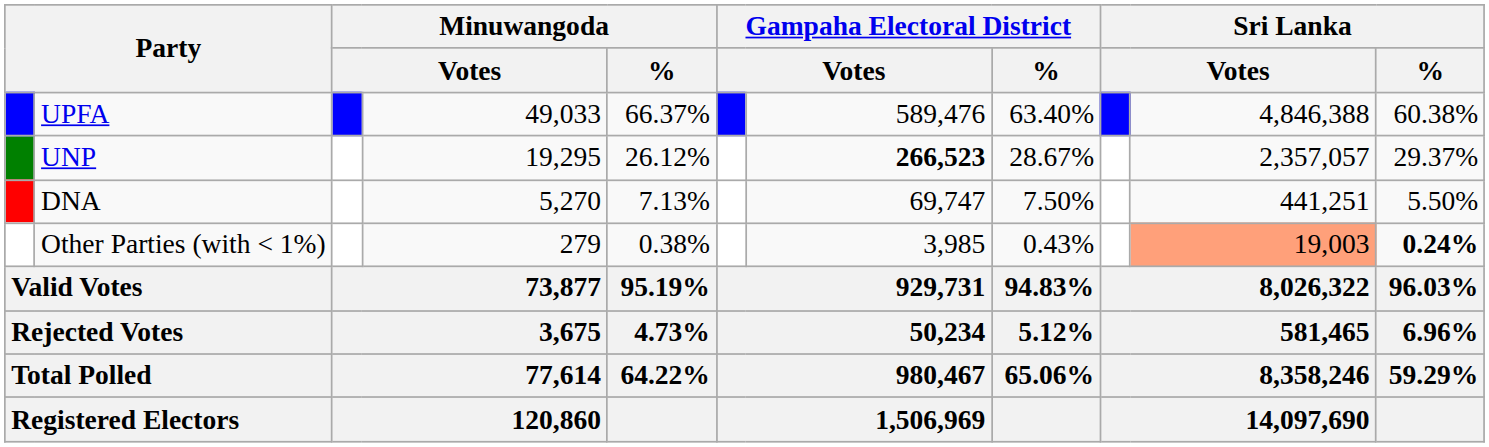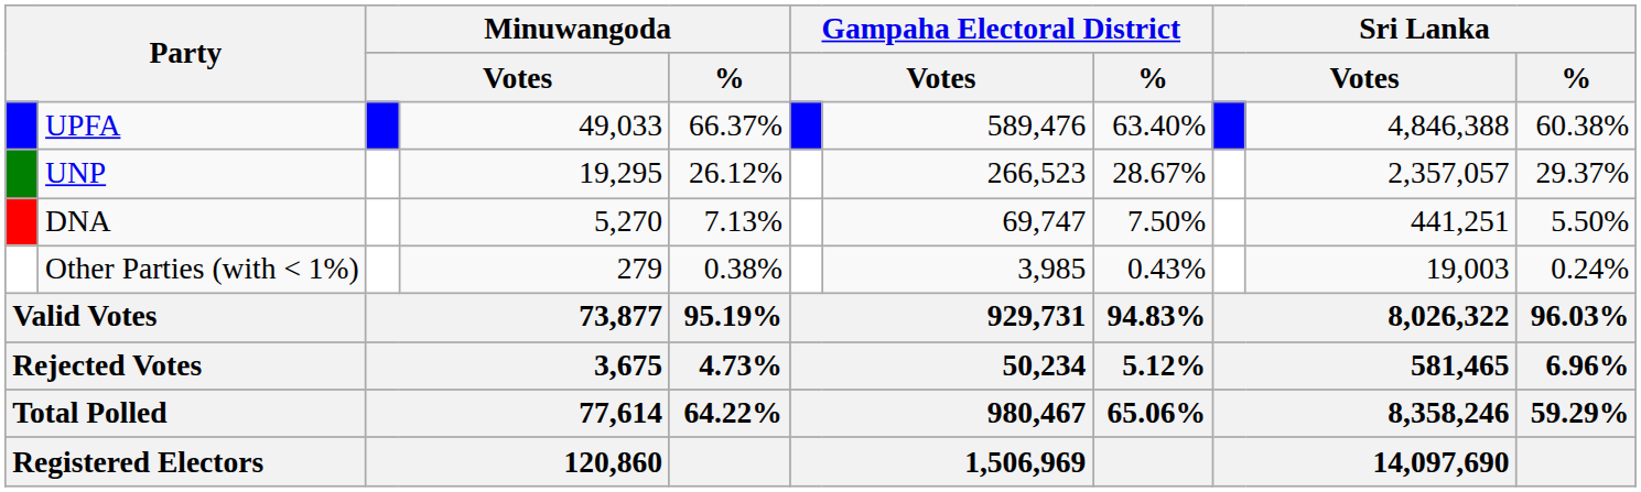 <table class="wikitable">
 <tr>
 <th colspan="2" width="144px"rowspan="2">Party</th>
 <th colspan="3" width="216px">Minuwangoda</th>
 <th colspan="3" width="216px"><a href='#'>Gampaha Electoral District</a></th>
 <th colspan="3" width="216px">Sri Lanka</th>
 </tr>
 <tr>
 <th colspan="2" width="144px">Votes</th>
 <th>%</th>
 <th colspan="2" width="144px">Votes</th>
 <th>%</th>
 <th colspan="2" width="144px">Votes</th>
 <th>%</th>
 </tr>
 <tr>
 <td style="background-color:blue;" width="10px"></td>
 <td style="text-align:left;"><a href='#'>UPFA</a></td>
 <td style="background-color:blue;" width="10px"></td>
 <td style="text-align:right;">49,033</td>
 <td style="text-align:right;">66.37%</td>
 <td style="background-color:blue;" width="10px"></td>
 <td style="text-align:right;">589,476</td>
 <td style="text-align:right;">63.40%</td>
 <td style="background-color:blue;" width="10px"></td>
 <td style="text-align:right;">4,846,388</td>
 <td style="text-align:right;">60.38%</td>
 </tr>
 <tr>
 <td style="background-color:green;" width="10px"></td>
 <td style="text-align:left;"><a href='#'>UNP</a></td>
 <td style="background-color:white;" width="10px"></td>
 <td style="text-align:right;">19,295</td>
 <td style="text-align:right;">26.12%</td>
 <td style="background-color:white;" width="10px"></td>
-<td style="text-align:right;"><strong>266,523</strong></td>
+<td style="text-align:right;">266,523</td>
 <td style="text-align:right;">28.67%</td>
 <td style="background-color:white;" width="10px"></td>
 <td style="text-align:right;">2,357,057</td>
 <td style="text-align:right;">29.37%</td>
 </tr>
 <tr>
 <td style="background-color:red;" width="10px"></td>
 <td style="text-align:left;">DNA</td>
 <td style="background-color:white;" width="10px"></td>
 <td style="text-align:right;">5,270</td>
 <td style="text-align:right;">7.13%</td>
 <td style="background-color:white;" width="10px"></td>
 <td style="text-align:right;">69,747</td>
 <td style="text-align:right;">7.50%</td>
 <td style="background-color:white;" width="10px"></td>
 <td style="text-align:right;">441,251</td>
 <td style="text-align:right;">5.50%</td>
 </tr>
 <tr>
 <td style="background-color:white;" width="10px"></td>
 <td style="text-align:left;">Other Parties (with < 1%)</td>
 <td style="background-color:white;" width="10px"></td>
 <td style="text-align:right;">279</td>
 <td style="text-align:right;">0.38%</td>
 <td style="background-color:white;" width="10px"></td>
 <td style="text-align:right;">3,985</td>
 <td style="text-align:right;">0.43%</td>
 <td style="background-color:white;" width="10px"></td>
-<td style="background: lightsalmon; text-align:right;">19,003</td>
-<td style="text-align:right;"><strong>0.24%</strong></td>
+<td style="text-align:right;">19,003</td>
+<td style="text-align:right;">0.24%</td>
 </tr>
 <tr>
 <th colspan="2" width="144px"style="text-align:left;">Valid Votes</th>
 <th style="text-align:right;"colspan="2" width="144px">73,877</th>
 <th style="text-align:right;">95.19%</th>
 <th style="text-align:right;"colspan="2" width="144px">929,731</th>
 <th style="text-align:right;">94.83%</th>
 <th style="text-align:right;"colspan="2" width="144px">8,026,322</th>
 <th style="text-align:right;">96.03%</th>
 </tr>
 <tr>
 <th colspan="2" width="144px"style="text-align:left;">Rejected Votes</th>
 <th style="text-align:right;"colspan="2" width="144px">3,675</th>
 <th style="text-align:right;">4.73%</th>
 <th style="text-align:right;"colspan="2" width="144px">50,234</th>
 <th style="text-align:right;">5.12%</th>
 <th style="text-align:right;"colspan="2" width="144px">581,465</th>
 <th style="text-align:right;">6.96%</th>
 </tr>
 <tr>
 <th colspan="2" width="144px"style="text-align:left;">Total Polled</th>
 <th style="text-align:right;"colspan="2" width="144px">77,614</th>
 <th style="text-align:right;">64.22%</th>
 <th style="text-align:right;"colspan="2" width="144px">980,467</th>
 <th style="text-align:right;">65.06%</th>
 <th style="text-align:right;"colspan="2" width="144px">8,358,246</th>
 <th style="text-align:right;">59.29%</th>
 </tr>
 <tr>
 <th colspan="2" width="144px"style="text-align:left;">Registered Electors</th>
 <th style="text-align:right;"colspan="2" width="144px">120,860</th>
 <th></th>
 <th style="text-align:right;"colspan="2" width="144px">1,506,969</th>
 <th></th>
 <th style="text-align:right;"colspan="2" width="144px">14,097,690</th>
 <th></th>
 </tr>
 </table>
